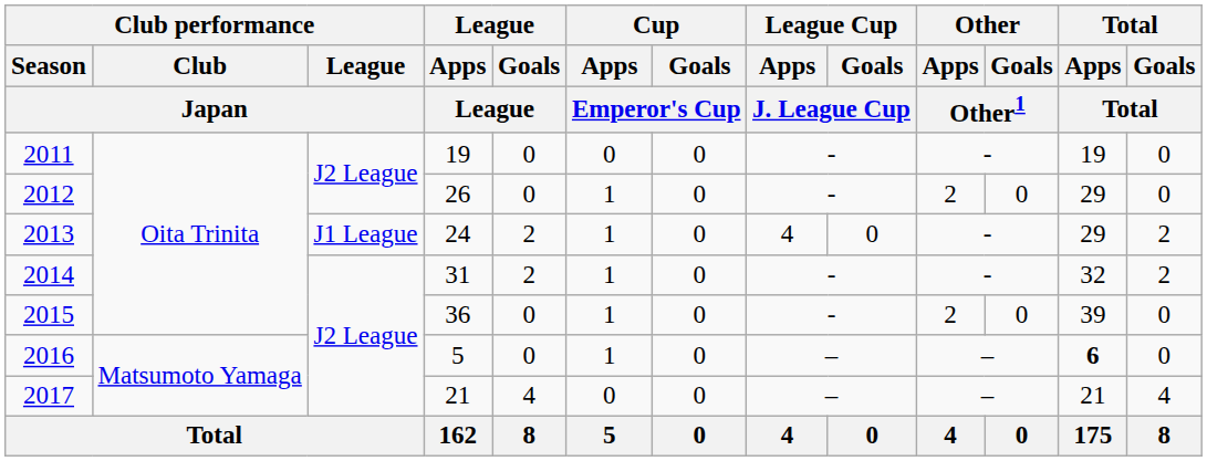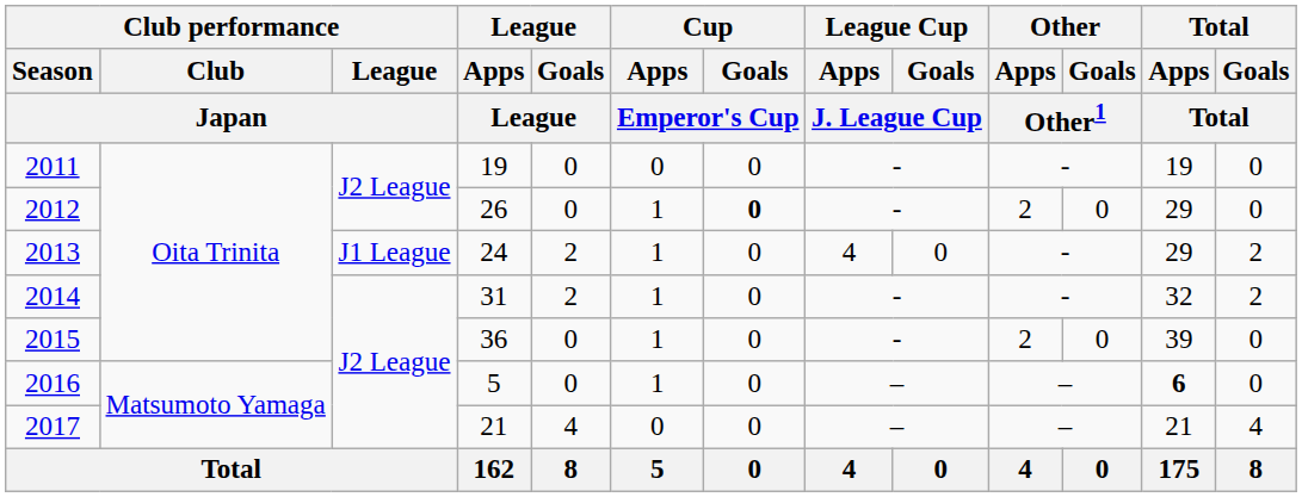 <table class="wikitable" style="text-align:center;">
 <tr>
 <th colspan=3>Club performance</th>
 <th colspan=2>League</th>
 <th colspan=2>Cup</th>
 <th colspan=2>League Cup</th>
 <th colspan=2>Other</th>
 <th colspan=2>Total</th>
 </tr>
 <tr>
 <th>Season</th>
 <th>Club</th>
 <th>League</th>
 <th>Apps</th>
 <th>Goals</th>
 <th>Apps</th>
 <th>Goals</th>
 <th>Apps</th>
 <th>Goals</th>
 <th>Apps</th>
 <th>Goals</th>
 <th>Apps</th>
 <th>Goals</th>
 </tr>
 <tr>
 <th colspan=3>Japan</th>
 <th colspan=2>League</th>
 <th colspan=2><a href='#'>Emperor's Cup</a></th>
 <th colspan=2><a href='#'>J. League Cup</a></th>
 <th colspan="2">Other<sup><a href='#'>1</a></sup></th>
 <th colspan=2>Total</th>
 </tr>
 <tr>
 <td><a href='#'>2011</a></td>
 <td rowspan="5"><a href='#'>Oita Trinita</a></td>
 <td rowspan="2"><a href='#'>J2 League</a></td>
 <td>19</td>
 <td>0</td>
 <td>0</td>
 <td>0</td>
 <td colspan="2">-</td>
 <td colspan="2">-</td>
 <td>19</td>
 <td>0</td>
 </tr>
 <tr>
 <td><a href='#'>2012</a></td>
 <td>26</td>
 <td>0</td>
 <td>1</td>
-<td>0</td>
+<td><strong>0</strong></td>
 <td colspan="2">-</td>
 <td>2</td>
 <td>0</td>
 <td>29</td>
 <td>0</td>
 </tr>
 <tr>
 <td><a href='#'>2013</a></td>
 <td><a href='#'>J1 League</a></td>
 <td>24</td>
 <td>2</td>
 <td>1</td>
 <td>0</td>
 <td>4</td>
 <td>0</td>
 <td colspan="2">-</td>
 <td>29</td>
 <td>2</td>
 </tr>
 <tr>
 <td><a href='#'>2014</a></td>
 <td rowspan="4"><a href='#'>J2 League</a></td>
 <td>31</td>
 <td>2</td>
 <td>1</td>
 <td>0</td>
 <td colspan="2">-</td>
 <td colspan="2">-</td>
 <td>32</td>
 <td>2</td>
 </tr>
 <tr>
 <td><a href='#'>2015</a></td>
 <td>36</td>
 <td>0</td>
 <td>1</td>
 <td>0</td>
 <td colspan="2">-</td>
 <td>2</td>
 <td>0</td>
 <td>39</td>
 <td>0</td>
 </tr>
 <tr>
 <td><a href='#'>2016</a></td>
 <td rowspan="2"><a href='#'>Matsumoto Yamaga</a></td>
 <td>5</td>
 <td>0</td>
 <td>1</td>
 <td>0</td>
 <td colspan="2">–</td>
 <td colspan="2">–</td>
 <td><strong>6</strong></td>
 <td>0</td>
 </tr>
 <tr>
 <td><a href='#'>2017</a></td>
 <td>21</td>
 <td>4</td>
 <td>0</td>
 <td>0</td>
 <td colspan="2">–</td>
 <td colspan="2">–</td>
 <td>21</td>
 <td>4</td>
 </tr>
 <tr>
 <th colspan=3>Total</th>
 <th>162</th>
 <th>8</th>
 <th>5</th>
 <th>0</th>
 <th>4</th>
 <th>0</th>
 <th>4</th>
 <th>0</th>
 <th>175</th>
 <th>8</th>
 </tr>
 </table>
